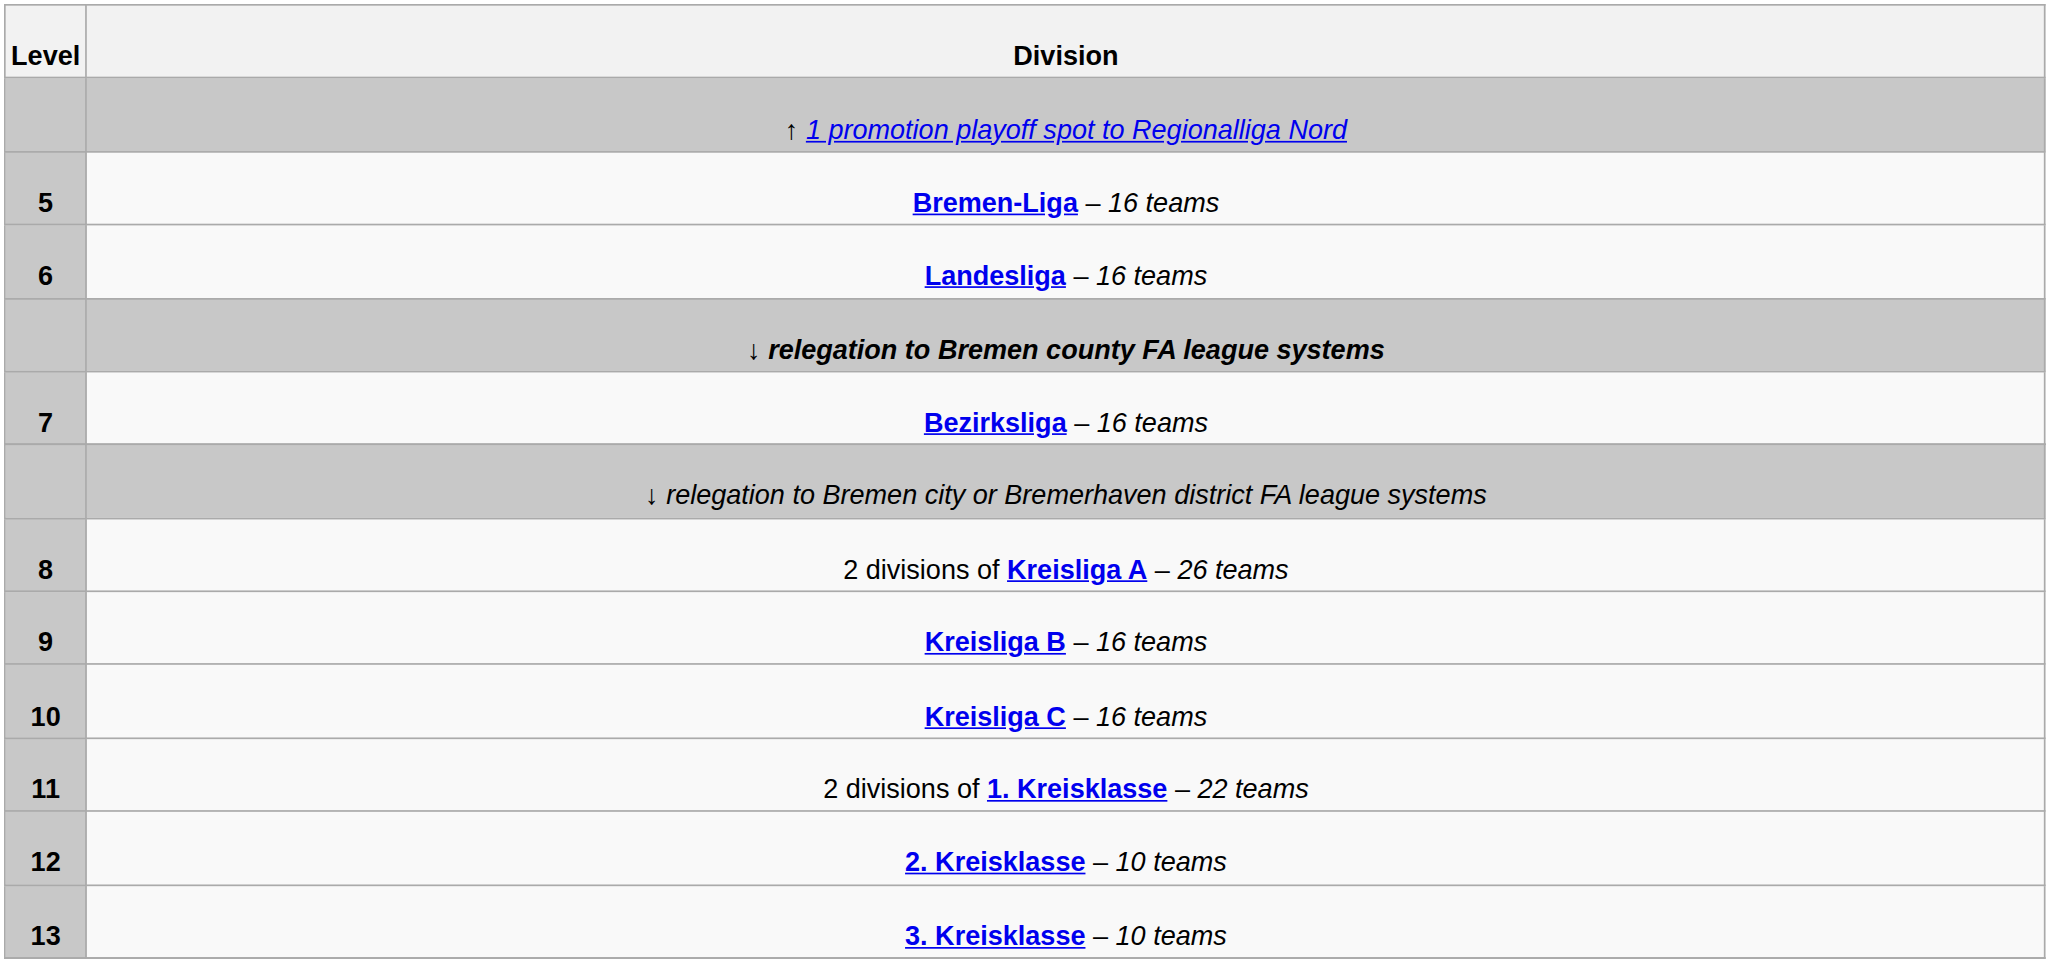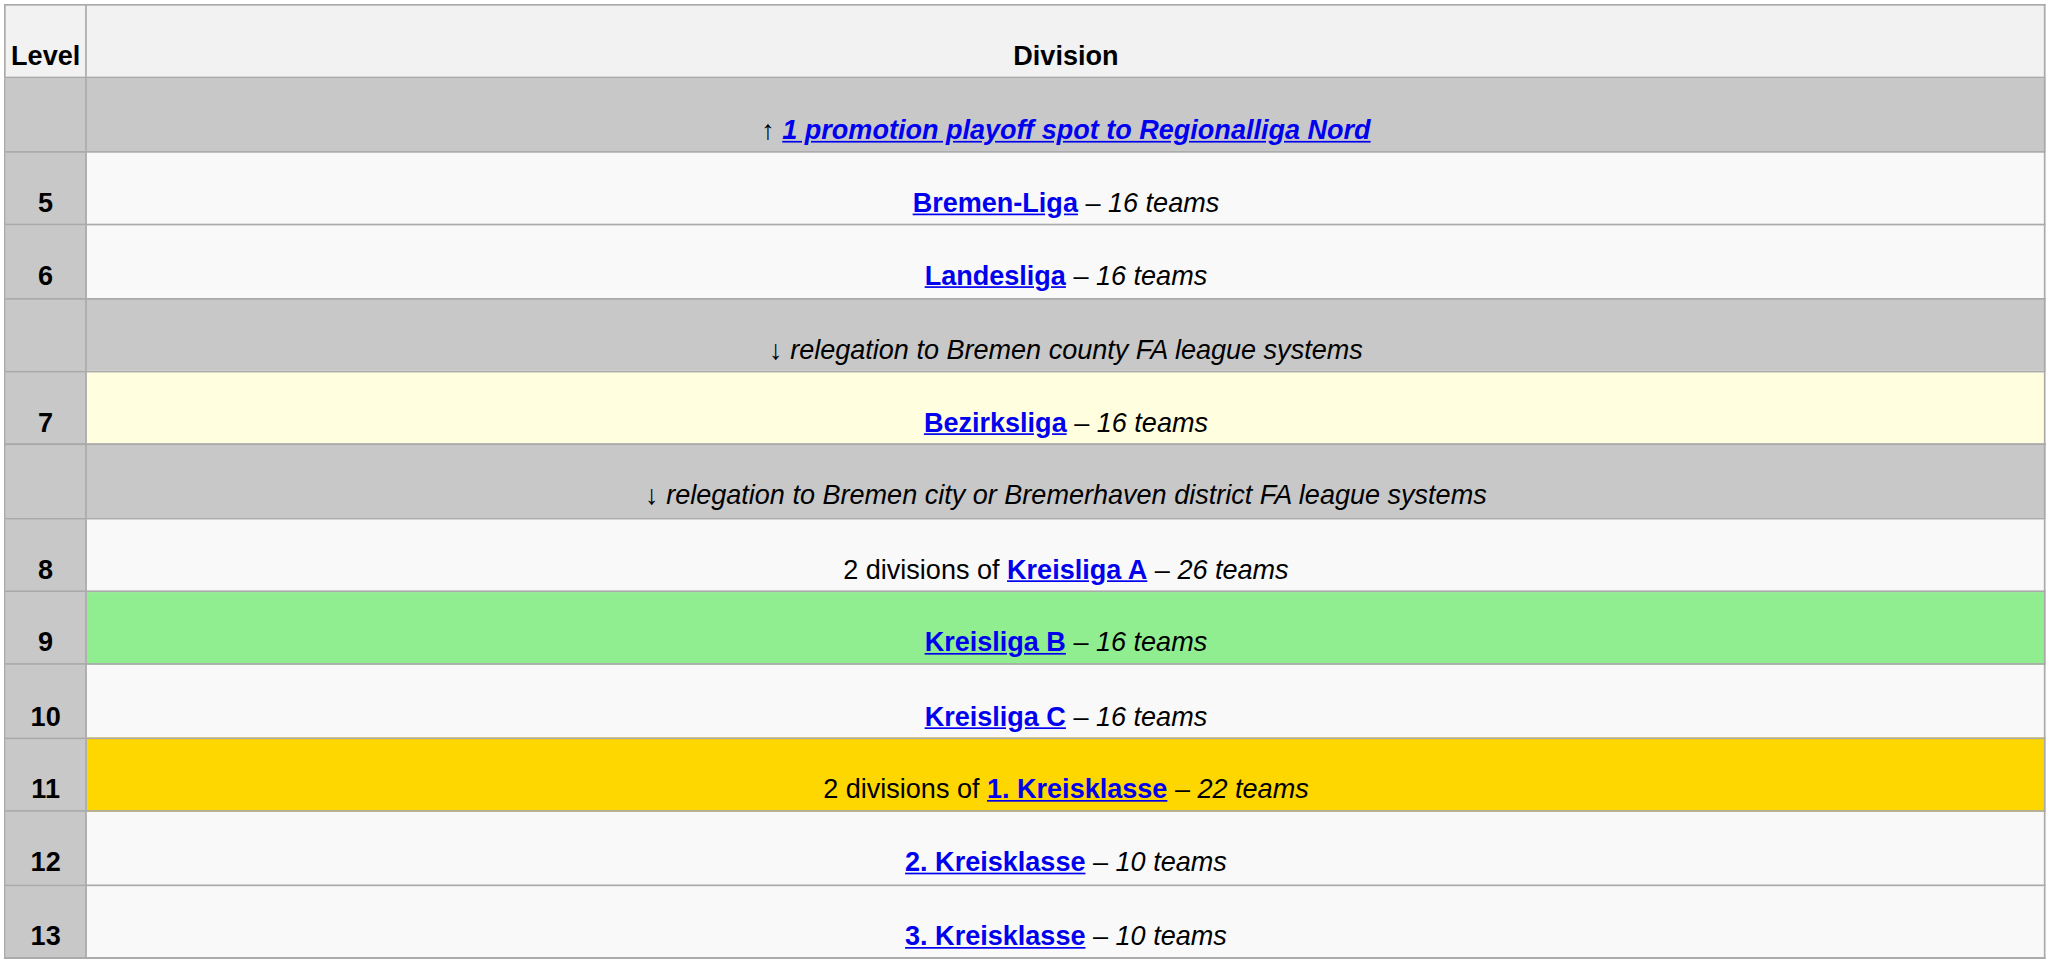 <table class="wikitable" style="text-align:center">
 <tr>
 <th colspan="1" width="4%"><br>Level</th>
 <th colspan="1"><br>Division</th>
 </tr>
 <tr style="background:#c8c8c8">
 <td colspan="1"></td>
-<td colspan="1"><br><em>↑ <a href='#'>1 promotion playoff spot to Regionalliga Nord</a></em></td>
+<td colspan="1"><strong><br><em>↑ <a href='#'>1 promotion playoff spot to Regionalliga Nord</a></em></strong></td>
 </tr>
 <tr>
 <td colspan="1" style="background:#c8c8c8"><br><strong>5</strong></td>
 <td colspan="1"><br><strong><a href='#'>Bremen-Liga</a></strong> – <em>16 teams</em></td>
 </tr>
 <tr>
 <td colspan="1" style="background:#c8c8c8"><br><strong>6</strong></td>
 <td colspan="1"><br><strong><a href='#'>Landesliga</a></strong> – <em>16 teams</em></td>
 </tr>
 <tr style="background:#c8c8c8">
 <td colspan="1"></td>
-<td colspan="1"><strong><br><em>↓ relegation to Bremen county FA league systems</em></strong></td>
+<td colspan="1"><br><em>↓ relegation to Bremen county FA league systems</em></td>
 </tr>
 <tr>
 <td colspan="1" style="background:#c8c8c8"><br><strong>7</strong></td>
-<td colspan="1"><br><strong><a href='#'>Bezirksliga</a></strong> – <em>16 teams</em></td>
+<td colspan="1" style="background: lightyellow;"><br><strong><a href='#'>Bezirksliga</a></strong> – <em>16 teams</em></td>
 </tr>
 <tr>
 </tr>
 <tr style="background:#c8c8c8">
 <td colspan="1"></td>
 <td colspan="1"><br><em>↓ relegation to Bremen city or Bremerhaven district FA league systems</em></td>
 </tr>
 <tr>
 <td colspan="1" style="background:#c8c8c8"><br><strong>8</strong></td>
 <td colspan="1"><br>2 divisions of <strong><a href='#'>Kreisliga A</a></strong> – <em>26 teams</em></td>
 </tr>
 <tr>
 <td colspan="1" style="background:#c8c8c8"><br><strong>9</strong></td>
-<td colspan="1"><br><strong><a href='#'>Kreisliga B</a></strong> – <em>16 teams</em></td>
+<td colspan="1" style="background: lightgreen;"><br><strong><a href='#'>Kreisliga B</a></strong> – <em>16 teams</em></td>
 </tr>
 <tr>
 <td colspan="1" style="background:#c8c8c8"><br><strong>10</strong></td>
 <td colspan="1"><br><strong><a href='#'>Kreisliga C</a></strong> – <em>16 teams</em></td>
 </tr>
 <tr>
 <td colspan="1" style="background:#c8c8c8"><br><strong>11</strong></td>
-<td colspan="1"><br>2 divisions of <strong><a href='#'>1. Kreisklasse</a></strong> – <em>22 teams</em></td>
+<td colspan="1" style="background: gold;"><br>2 divisions of <strong><a href='#'>1. Kreisklasse</a></strong> – <em>22 teams</em></td>
 </tr>
 <tr>
 <td colspan="1" style="background:#c8c8c8"><br><strong>12</strong></td>
 <td colspan="1"><br><strong><a href='#'>2. Kreisklasse</a></strong> – <em>10 teams</em></td>
 </tr>
 <tr>
 <td colspan="1" style="background:#c8c8c8"><br><strong>13</strong></td>
 <td colspan="1"><br><strong><a href='#'>3. Kreisklasse</a></strong> – <em>10 teams</em></td>
 </tr>
 <tr>
 </tr>
 </table>
